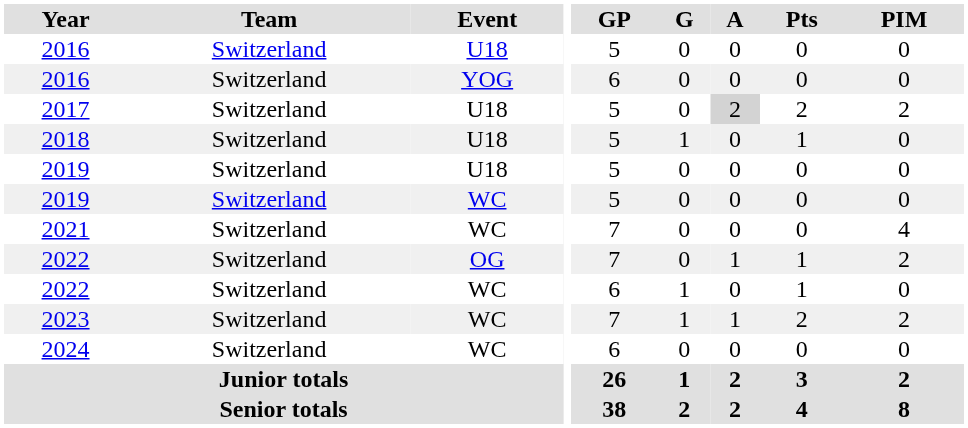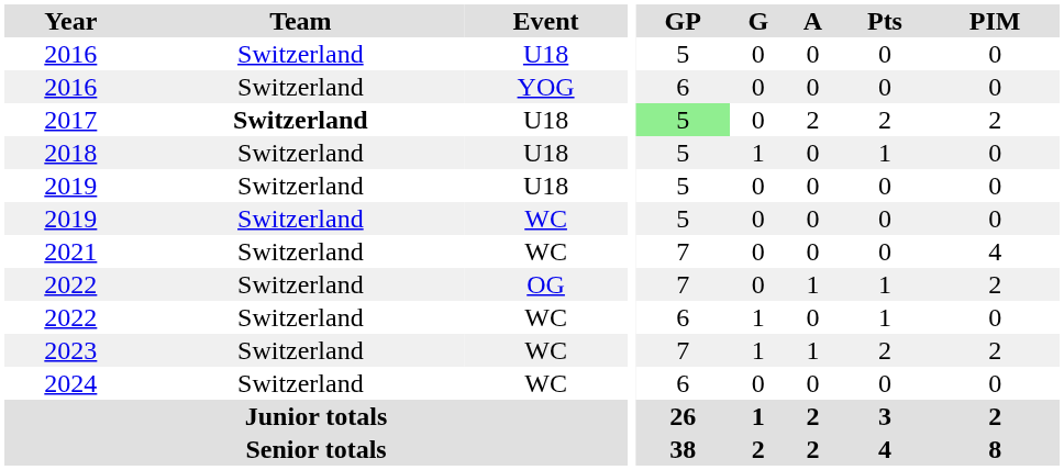 <table border="0" cellpadding="1" cellspacing="0" ID="Table3" style="text-align:center; width:40em">
 <tr ALIGN="center" bgcolor="#e0e0e0">
 <th>Year</th>
 <th>Team</th>
 <th>Event</th>
 <th rowspan="99" bgcolor="#ffffff"></th>
 <th>GP</th>
 <th>G</th>
 <th>A</th>
 <th>Pts</th>
 <th>PIM</th>
 </tr>
 <tr>
 <td><a href='#'>2016</a></td>
 <td><a href='#'>Switzerland</a></td>
 <td><a href='#'>U18</a></td>
 <td>5</td>
 <td>0</td>
 <td>0</td>
 <td>0</td>
 <td>0</td>
 </tr>
 <tr bgcolor="#f0f0f0">
 <td><a href='#'>2016</a></td>
 <td>Switzerland</td>
 <td><a href='#'>YOG</a></td>
 <td>6</td>
 <td>0</td>
 <td>0</td>
 <td>0</td>
 <td>0</td>
 </tr>
 <tr>
 <td><a href='#'>2017</a></td>
-<td>Switzerland</td>
+<td><strong>Switzerland</strong></td>
 <td>U18</td>
-<td>5</td>
+<td style="background: lightgreen;">5</td>
 <td>0</td>
-<td style="background: lightgrey;">2</td>
+<td>2</td>
 <td>2</td>
 <td>2</td>
 </tr>
 <tr bgcolor="#f0f0f0">
 <td><a href='#'>2018</a></td>
 <td>Switzerland</td>
 <td>U18</td>
 <td>5</td>
 <td>1</td>
 <td>0</td>
 <td>1</td>
 <td>0</td>
 </tr>
 <tr>
 <td><a href='#'>2019</a></td>
 <td>Switzerland</td>
 <td>U18</td>
 <td>5</td>
 <td>0</td>
 <td>0</td>
 <td>0</td>
 <td>0</td>
 </tr>
 <tr bgcolor="#f0f0f0">
 <td><a href='#'>2019</a></td>
 <td><a href='#'>Switzerland</a></td>
 <td><a href='#'>WC</a></td>
 <td>5</td>
 <td>0</td>
 <td>0</td>
 <td>0</td>
 <td>0</td>
 </tr>
 <tr>
 <td><a href='#'>2021</a></td>
 <td>Switzerland</td>
 <td>WC</td>
 <td>7</td>
 <td>0</td>
 <td>0</td>
 <td>0</td>
 <td>4</td>
 </tr>
 <tr bgcolor="#f0f0f0">
 <td><a href='#'>2022</a></td>
 <td>Switzerland</td>
 <td><a href='#'>OG</a></td>
 <td>7</td>
 <td>0</td>
 <td>1</td>
 <td>1</td>
 <td>2</td>
 </tr>
 <tr>
 <td><a href='#'>2022</a></td>
 <td>Switzerland</td>
 <td>WC</td>
 <td>6</td>
 <td>1</td>
 <td>0</td>
 <td>1</td>
 <td>0</td>
 </tr>
 <tr bgcolor="#f0f0f0">
 <td><a href='#'>2023</a></td>
 <td>Switzerland</td>
 <td>WC</td>
 <td>7</td>
 <td>1</td>
 <td>1</td>
 <td>2</td>
 <td>2</td>
 </tr>
 <tr>
 <td><a href='#'>2024</a></td>
 <td>Switzerland</td>
 <td>WC</td>
 <td>6</td>
 <td>0</td>
 <td>0</td>
 <td>0</td>
 <td>0</td>
 </tr>
 <tr bgcolor="#e0e0e0">
 <th colspan="3">Junior totals</th>
 <th>26</th>
 <th>1</th>
 <th>2</th>
 <th>3</th>
 <th>2</th>
 </tr>
 <tr bgcolor="#e0e0e0">
 <th colspan="3">Senior totals</th>
 <th>38</th>
 <th>2</th>
 <th>2</th>
 <th>4</th>
 <th>8</th>
 </tr>
 </table>
